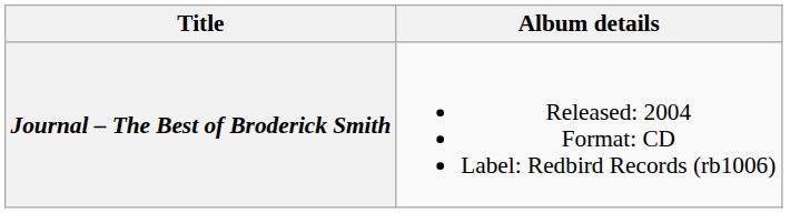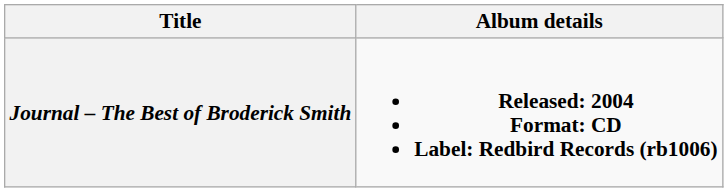 <table class="wikitable plainrowheaders" style="text-align:center">
 <tr>
 <th>Title</th>
 <th>Album details</th>
 </tr>
 <tr>
 <th scope="row"><em>Journal – The Best of Broderick Smith</em></th>
-<td><br><ul><li>Released: 2004</li><li>Format: CD</li><li>Label: Redbird Records (rb1006)</li></ul></td>
+<td><strong><br><ul><li>Released: 2004</li><li>Format: CD</li><li>Label: Redbird Records (rb1006)</li></ul></strong></td>
 </tr>
 </table>
